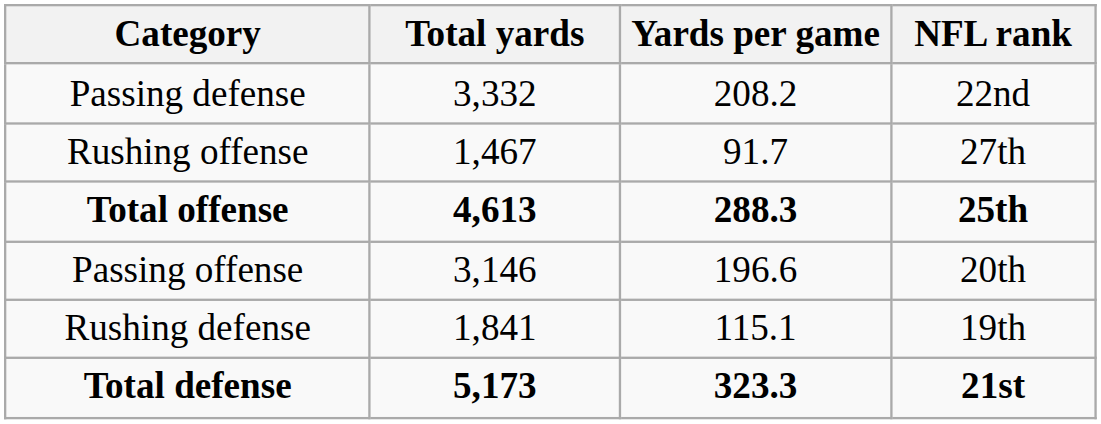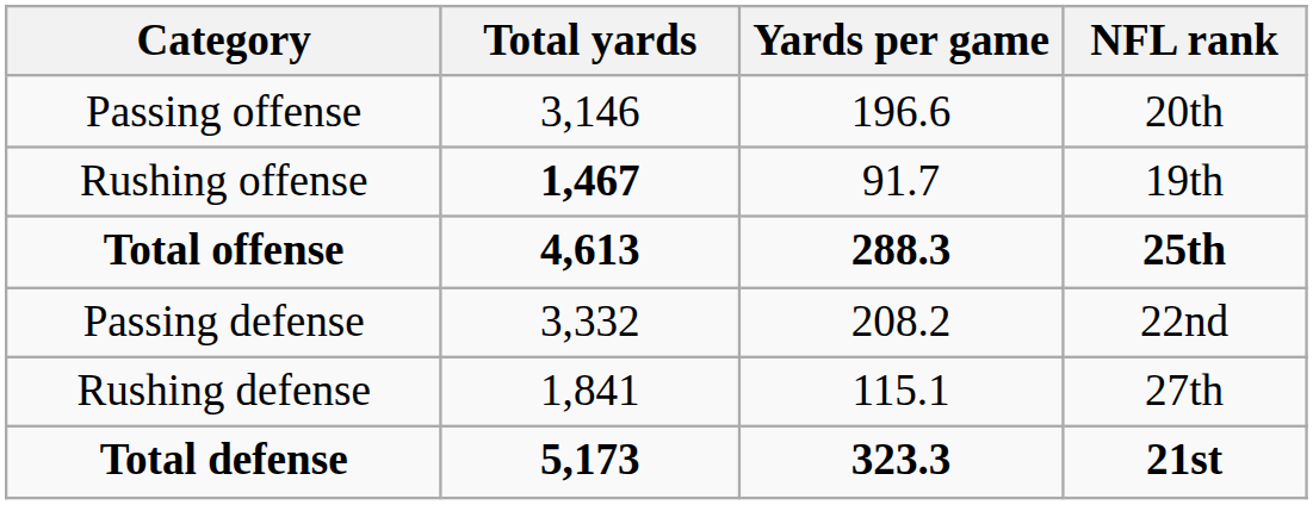 <table class="wikitable" style="text-align:center">
 <tr>
 <th width=150px>Category</th>
 <th width=100px>Total yards</th>
 <th width=110px>Yards per game</th>
 <th width=80px>NFL rank<br></th>
 </tr>
 <tr>
-<td>Passing defense</td>
-<td>3,332</td>
-<td>208.2</td>
-<td>22nd</td>
+<td>Passing offense</td>
+<td>3,146</td>
+<td>196.6</td>
+<td>20th</td>
 </tr>
 <tr>
 <td>Rushing offense</td>
-<td>1,467</td>
+<td><strong>1,467</strong></td>
 <td>91.7</td>
-<td>27th</td>
+<td>19th</td>
 </tr>
 <tr>
 <td><strong>Total offense</strong></td>
 <td><strong>4,613</strong></td>
 <td><strong>288.3</strong></td>
 <td><strong>25th</strong></td>
 </tr>
 <tr>
-<td>Passing offense</td>
-<td>3,146</td>
-<td>196.6</td>
-<td>20th</td>
+<td>Passing defense</td>
+<td>3,332</td>
+<td>208.2</td>
+<td>22nd</td>
 </tr>
 <tr>
 <td>Rushing defense</td>
 <td>1,841</td>
 <td>115.1</td>
-<td>19th</td>
+<td>27th</td>
 </tr>
 <tr>
 <td><strong>Total defense</strong></td>
 <td><strong>5,173</strong></td>
 <td><strong>323.3</strong></td>
 <td><strong>21st</strong></td>
 </tr>
 </table>
